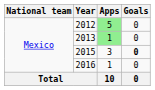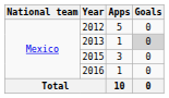 <table class="wikitable" style="text-align: center;">
 <tr>
 <th>National team</th>
 <th>Year</th>
 <th>Apps</th>
 <th>Goals</th>
 </tr>
 <tr>
 <td rowspan="4" valign="center"><a href='#'>Mexico</a></td>
 <td>2012</td>
-<td style="background: lightgreen;">5</td>
+<td>5</td>
 <td>0</td>
 </tr>
 <tr>
 <td>2013</td>
-<td style="background: lightgreen;">1</td>
-<td>0</td>
+<td>1</td>
+<td style="background: lightgrey;">0</td>
 </tr>
 <tr>
 <td>2015</td>
 <td>3</td>
-<td><strong>0</strong></td>
+<td>0</td>
 </tr>
 <tr>
 <td>2016</td>
 <td>1</td>
 <td>0</td>
 </tr>
 <tr>
 <th colspan="2">Total</th>
 <th>10</th>
 <th>0</th>
 </tr>
 </table>
